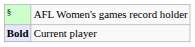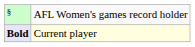 <table class=wikitable>
 <tr>
 <td bgcolor=CCFFCC><sup>§</sup></td>
 <td>AFL Women's games record holder</td>
 </tr>
 <tr>
 <td bgcolor=E6E6FA><strong>Bold</strong></td>
-<td>Current player</td>
+<td style="background: lightyellow;">Current player</td>
 </tr>
 </table>
